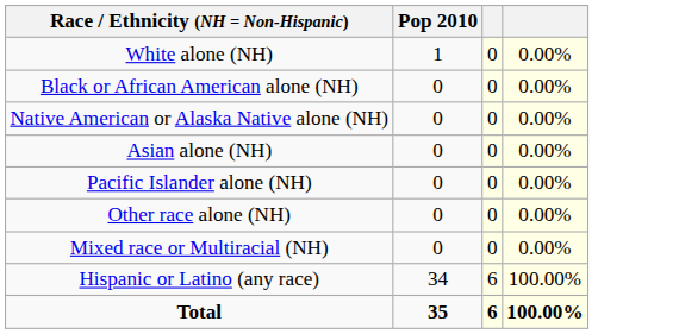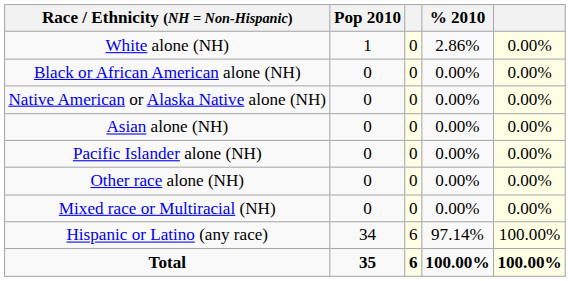 <table class="wikitable" style="text-align:center;">
 <tr>
 <th>Race / Ethnicity <small>(<em>NH = Non-Hispanic</em>)</small></th>
 <th>Pop 2010</th>
 <th></th>
+<th>% 2010</th>
 <th></th>
 </tr>
 <tr>
 <td><a href='#'>White</a> alone (NH)</td>
 <td>1</td>
 <td style='background: #ffffe6;'>0</td>
+<td>2.86%</td>
 <td style='background: #ffffe6;'>0.00%</td>
 </tr>
 <tr>
 <td><a href='#'>Black or African American</a> alone (NH)</td>
 <td>0</td>
 <td style='background: #ffffe6;'>0</td>
+<td>0.00%</td>
 <td style='background: #ffffe6;'>0.00%</td>
 </tr>
 <tr>
 <td><a href='#'>Native American</a> or <a href='#'>Alaska Native</a> alone (NH)</td>
 <td>0</td>
 <td style='background: #ffffe6;'>0</td>
+<td>0.00%</td>
 <td style='background: #ffffe6;'>0.00%</td>
 </tr>
 <tr>
 <td><a href='#'>Asian</a> alone (NH)</td>
 <td>0</td>
 <td style='background: #ffffe6;'>0</td>
+<td>0.00%</td>
 <td style='background: #ffffe6;'>0.00%</td>
 </tr>
 <tr>
 <td><a href='#'>Pacific Islander</a> alone (NH)</td>
 <td>0</td>
 <td style='background: #ffffe6;'>0</td>
+<td>0.00%</td>
 <td style='background: #ffffe6;'>0.00%</td>
 </tr>
 <tr>
 <td><a href='#'>Other race</a> alone (NH)</td>
 <td>0</td>
 <td style='background: #ffffe6;'>0</td>
+<td>0.00%</td>
 <td style='background: #ffffe6;'>0.00%</td>
 </tr>
 <tr>
 <td><a href='#'>Mixed race or Multiracial</a> (NH)</td>
 <td>0</td>
 <td style='background: #ffffe6;'>0</td>
+<td>0.00%</td>
 <td style='background: #ffffe6;'>0.00%</td>
 </tr>
 <tr>
 <td><a href='#'>Hispanic or Latino</a> (any race)</td>
 <td>34</td>
 <td style='background: #ffffe6;'>6</td>
+<td>97.14%</td>
 <td style='background: #ffffe6;'>100.00%</td>
 </tr>
 <tr>
 <td><strong>Total</strong></td>
 <td><strong>35</strong></td>
 <td style='background: #ffffe6;'><strong>6</strong></td>
+<td><strong>100.00%</strong></td>
 <td style='background: #ffffe6;'><strong>100.00%</strong></td>
 </tr>
 </table>
